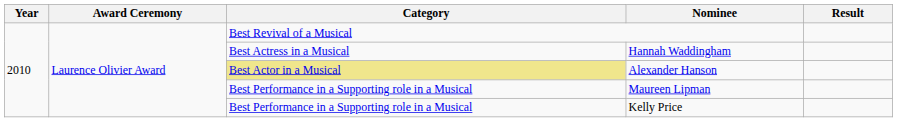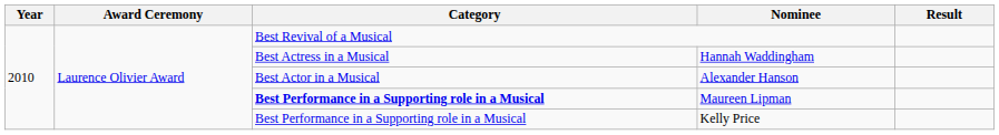 <table class="wikitable" width="95%">
 <tr>
 <th width="5%">Year</th>
 <th width="20%">Award Ceremony</th>
 <th width="45%">Category</th>
 <th width="20%">Nominee</th>
 <th width="10%">Result</th>
 </tr>
 <tr>
 <td rowspan="5">2010</td>
 <td rowspan="5"><a href='#'>Laurence Olivier Award</a></td>
 <td colspan="2"><a href='#'>Best Revival of a Musical</a></td>
 <td></td>
 </tr>
 <tr>
 <td><a href='#'>Best Actress in a Musical</a></td>
 <td><a href='#'>Hannah Waddingham</a></td>
 <td></td>
 </tr>
 <tr>
-<td style="background: khaki;"><a href='#'>Best Actor in a Musical</a></td>
+<td><a href='#'>Best Actor in a Musical</a></td>
 <td><a href='#'>Alexander Hanson</a></td>
 <td></td>
 </tr>
 <tr>
-<td><a href='#'>Best Performance in a Supporting role in a Musical</a></td>
+<td><strong><a href='#'>Best Performance in a Supporting role in a Musical</a></strong></td>
 <td><a href='#'>Maureen Lipman</a></td>
 <td></td>
 </tr>
 <tr>
 <td><a href='#'>Best Performance in a Supporting role in a Musical</a></td>
 <td>Kelly Price</td>
 <td></td>
 </tr>
 </table>
